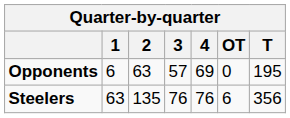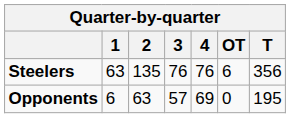 <table class="wikitable">
 <tr>
 <th colspan="7">Quarter-by-quarter</th>
 </tr>
 <tr>
 <th></th>
 <th>1</th>
 <th>2</th>
 <th>3</th>
 <th>4</th>
 <th>OT</th>
 <th>T</th>
 </tr>
 <tr>
+<td><strong>Steelers</strong></td>
+<td>63</td>
+<td>135</td>
+<td>76</td>
+<td>76</td>
+<td>6</td>
+<td>356</td>
+</tr>
+<tr>
 <td><strong>Opponents</strong></td>
 <td>6</td>
 <td>63</td>
 <td>57</td>
 <td>69</td>
 <td>0</td>
 <td>195</td>
 </tr>
-<tr>
-<td><strong>Steelers</strong></td>
-<td>63</td>
-<td>135</td>
-<td>76</td>
-<td>76</td>
-<td>6</td>
-<td>356</td>
-</tr>
 </table>
